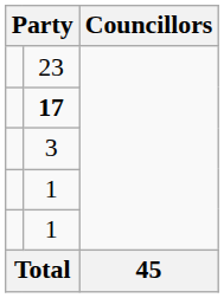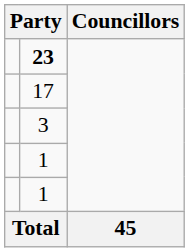 <table class="wikitable">
 <tr>
 <th colspan=2>Party</th>
 <th>Councillors</th>
 </tr>
 <tr>
 <td></td>
-<td align=center>23</td>
+<td align=center><strong>23</strong></td>
 </tr>
 <tr>
 <td></td>
-<td align=center><strong>17</strong></td>
+<td align=center>17</td>
 </tr>
 <tr>
 <td></td>
 <td align=center>3</td>
 </tr>
 <tr>
 <td></td>
 <td align=center>1</td>
 </tr>
 <tr>
 <td></td>
 <td align=center>1</td>
 </tr>
 <tr>
 <th colspan=2>Total</th>
 <th align=center>45</th>
 </tr>
 </table>
